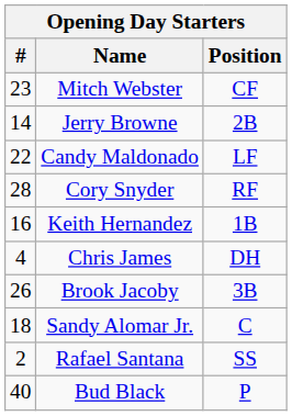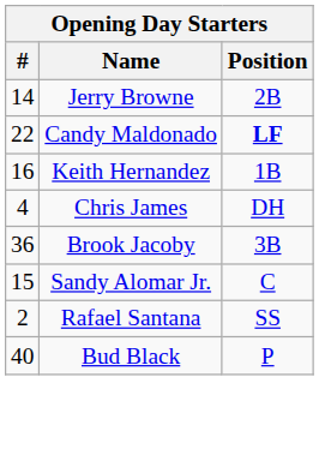 <table class="wikitable" style="text-align:center">
 <tr>
 <th colspan="3">Opening Day Starters</th>
 </tr>
 <tr>
 <th>#</th>
 <th>Name</th>
 <th>Position</th>
 </tr>
 <tr>
-<td>23</td>
-<td><a href='#'>Mitch Webster</a></td>
-<td><a href='#'>CF</a></td>
-</tr>
-<tr>
 <td>14</td>
 <td><a href='#'>Jerry Browne</a></td>
 <td><a href='#'>2B</a></td>
 </tr>
 <tr>
 <td>22</td>
 <td><a href='#'>Candy Maldonado</a></td>
-<td><a href='#'>LF</a></td>
-</tr>
-<tr>
-<td>28</td>
-<td><a href='#'>Cory Snyder</a></td>
-<td><a href='#'>RF</a></td>
+<td><strong><a href='#'>LF</a></strong></td>
 </tr>
 <tr>
 <td>16</td>
 <td><a href='#'>Keith Hernandez</a></td>
 <td><a href='#'>1B</a></td>
 </tr>
 <tr>
 <td>4</td>
 <td><a href='#'>Chris James</a></td>
 <td><a href='#'>DH</a></td>
 </tr>
 <tr>
-<td>26</td>
+<td>36</td>
 <td><a href='#'>Brook Jacoby</a></td>
 <td><a href='#'>3B</a></td>
 </tr>
 <tr>
-<td>18</td>
+<td>15</td>
 <td><a href='#'>Sandy Alomar Jr.</a></td>
 <td><a href='#'>C</a></td>
 </tr>
 <tr>
 <td>2</td>
 <td><a href='#'>Rafael Santana</a></td>
 <td><a href='#'>SS</a></td>
 </tr>
 <tr>
 <td>40</td>
 <td><a href='#'>Bud Black</a></td>
 <td><a href='#'>P</a></td>
 </tr>
 </table>
